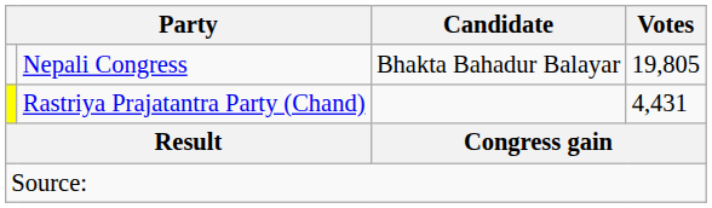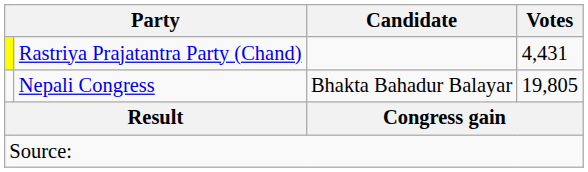 <table class="wikitable">
 <tr>
 <th colspan="2">Party</th>
 <th>Candidate</th>
 <th>Votes</th>
 </tr>
 <tr>
+<td style="background-color:yellow"></td>
+<td><a href='#'>Rastriya Prajatantra Party (Chand)</a></td>
+<td></td>
+<td>4,431</td>
+</tr>
+<tr>
 <td style="background-color:"></td>
 <td><a href='#'>Nepali Congress</a></td>
 <td>Bhakta Bahadur Balayar</td>
 <td>19,805</td>
-</tr>
-<tr>
-<td style="background-color:yellow"></td>
-<td><a href='#'>Rastriya Prajatantra Party (Chand)</a></td>
-<td></td>
-<td>4,431</td>
 </tr>
 <tr>
 <th colspan="2">Result</th>
 <th colspan="2">Congress gain</th>
 </tr>
 <tr>
 <td colspan="4">Source: </td>
 </tr>
 </table>
